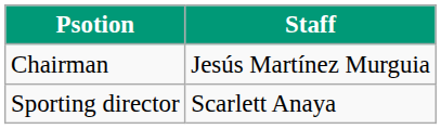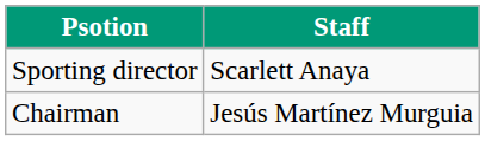 <table class="wikitable">
 <tr>
 <th style=background-color:#009977;color:White>Psotion</th>
 <th style=background-color:#009977;color:White>Staff</th>
 </tr>
 <tr>
+<td>Sporting director</td>
+<td> Scarlett Anaya</td>
+</tr>
+<tr>
 <td>Chairman</td>
 <td> Jesús Martínez Murguia</td>
 </tr>
-<tr>
-<td>Sporting director</td>
-<td> Scarlett Anaya</td>
-</tr>
 </table>
